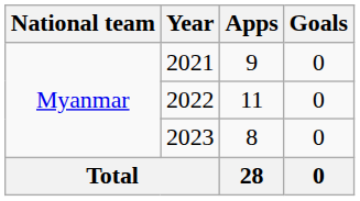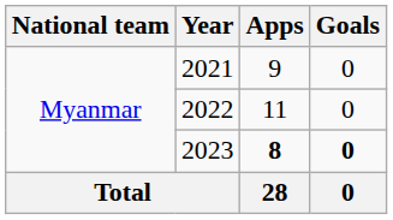 <table class=wikitable style=text-align:center>
 <tr>
 <th>National team</th>
 <th>Year</th>
 <th>Apps</th>
 <th>Goals</th>
 </tr>
 <tr>
 <td rowspan=3><a href='#'>Myanmar</a></td>
 <td>2021</td>
 <td>9</td>
 <td>0</td>
 </tr>
 <tr>
 <td>2022</td>
 <td>11</td>
 <td>0</td>
 </tr>
 <tr>
 <td>2023</td>
-<td>8</td>
-<td>0</td>
+<td><strong>8</strong></td>
+<td><strong>0</strong></td>
 </tr>
 <tr>
 <th colspan=2>Total</th>
 <th>28</th>
 <th>0</th>
 </tr>
 </table>
